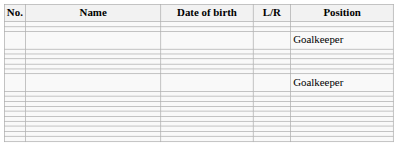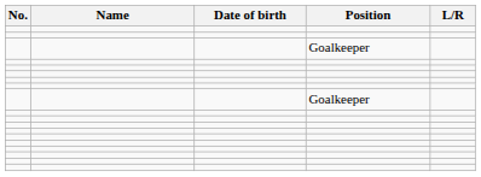 <table class="wikitable sortable" style=font-size:100%; text-align:center;>
 <tr>
 <th>No.</th>
 <th style=width:12em>Name</th>
 <th style=width:8em>Date of birth</th>
+<th style=width:9em>Position</th>
 <th style=width:3em>L/R</th>
-<th style=width:9em>Position</th>
 </tr>
 <tr>
 <td></td>
 <td align=left></td>
 <td align=right></td>
 <td></td>
 <td></td>
 </tr>
 <tr>
 <td></td>
 <td align=left></td>
 <td align=right></td>
 <td></td>
 <td></td>
 </tr>
 <tr>
 <td></td>
 <td align=left></td>
 <td align=right></td>
+<td>Goalkeeper</td>
 <td></td>
-<td>Goalkeeper</td>
 </tr>
 <tr>
 <td></td>
 <td align=left></td>
 <td align=right></td>
 <td></td>
 <td></td>
 </tr>
 <tr>
 <td></td>
 <td align=left></td>
 <td align=right></td>
 <td></td>
 <td></td>
 </tr>
 <tr>
 <td></td>
 <td align=left></td>
 <td align=right></td>
 <td></td>
 <td></td>
 </tr>
 <tr>
 <td></td>
 <td align=left></td>
 <td align=right></td>
 <td></td>
 <td></td>
 </tr>
 <tr>
 <td></td>
 <td align=left></td>
 <td align=right></td>
 <td></td>
 <td></td>
 </tr>
 <tr>
 <td></td>
 <td align=left></td>
 <td align=right></td>
+<td>Goalkeeper</td>
 <td></td>
-<td>Goalkeeper</td>
 </tr>
 <tr>
 <td></td>
 <td align=left></td>
 <td align=right></td>
 <td></td>
 <td></td>
 </tr>
 <tr>
 <td></td>
 <td align=left></td>
 <td align=right></td>
 <td></td>
 <td></td>
 </tr>
 <tr>
 <td></td>
 <td align=left></td>
 <td align=right></td>
 <td></td>
 <td></td>
 </tr>
 <tr>
 <td></td>
 <td align=left></td>
 <td align=right></td>
 <td></td>
 <td></td>
 </tr>
 <tr>
 <td></td>
 <td align=left></td>
 <td align=right></td>
 <td></td>
 <td></td>
 </tr>
 <tr>
 <td></td>
 <td align=left></td>
 <td align=right></td>
 <td></td>
 <td></td>
 </tr>
 <tr>
 <td></td>
 <td align=left></td>
 <td align=right></td>
 <td></td>
 <td></td>
 </tr>
 <tr>
 <td></td>
 <td align=left></td>
 <td align=right></td>
 <td></td>
 <td></td>
 </tr>
 <tr>
 <td></td>
 <td align=left></td>
 <td align=right></td>
 <td></td>
 <td></td>
 </tr>
 <tr>
 <td></td>
 <td align=left></td>
 <td align=right></td>
 <td></td>
 <td></td>
 </tr>
 </table>
